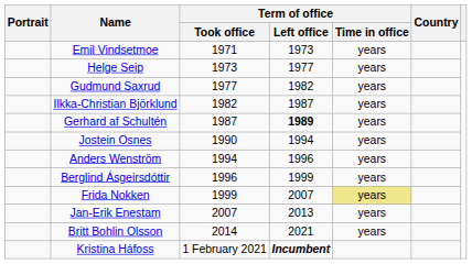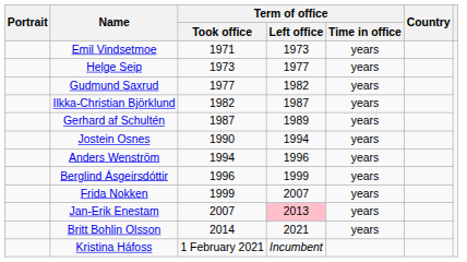 <table class="wikitable" style="text-align:center;">
 <tr>
 <th rowspan=2>Portrait</th>
 <th rowspan=2>Name<br></th>
 <th colspan=3>Term of office</th>
 <th rowspan=2>Country</th>
 <th rowspan=2></th>
 </tr>
 <tr>
 <th>Took office</th>
 <th>Left office</th>
 <th>Time in office</th>
 </tr>
 <tr>
 <td></td>
 <td><a href='#'>Emil Vindsetmoe</a></td>
 <td>1971</td>
 <td>1973</td>
 <td> years</td>
 <td></td>
 </tr>
 <tr>
 <td></td>
 <td><a href='#'>Helge Seip</a></td>
 <td>1973</td>
 <td>1977</td>
 <td> years</td>
 <td></td>
 </tr>
 <tr>
 <td></td>
 <td><a href='#'>Gudmund Saxrud</a></td>
 <td>1977</td>
 <td>1982</td>
 <td> years</td>
 <td></td>
 </tr>
 <tr>
 <td></td>
 <td><a href='#'>Ilkka-Christian Björklund</a></td>
 <td>1982</td>
 <td>1987</td>
 <td> years</td>
 <td></td>
 </tr>
 <tr>
 <td></td>
 <td><a href='#'>Gerhard af Schultén</a></td>
 <td>1987</td>
-<td><strong>1989</strong></td>
+<td>1989</td>
 <td> years</td>
 <td></td>
 </tr>
 <tr>
 <td></td>
 <td><a href='#'>Jostein Osnes</a></td>
 <td>1990</td>
 <td>1994</td>
 <td> years</td>
 <td></td>
 </tr>
 <tr>
 <td></td>
 <td><a href='#'>Anders Wenström</a></td>
 <td>1994</td>
 <td>1996</td>
 <td> years</td>
 <td></td>
 </tr>
 <tr>
 <td></td>
 <td><a href='#'>Berglind Ásgeirsdóttir</a></td>
 <td>1996</td>
 <td>1999</td>
 <td> years</td>
 <td></td>
 </tr>
 <tr>
 <td></td>
 <td><a href='#'>Frida Nokken</a></td>
 <td>1999</td>
 <td>2007</td>
-<td style="background: khaki;"> years</td>
+<td> years</td>
 <td></td>
 </tr>
 <tr>
 <td></td>
 <td><a href='#'>Jan-Erik Enestam</a></td>
 <td>2007</td>
-<td>2013</td>
+<td style="background: pink;">2013</td>
 <td> years</td>
 <td></td>
 </tr>
 <tr>
 <td></td>
 <td><a href='#'>Britt Bohlin Olsson</a></td>
 <td>2014</td>
 <td>2021</td>
 <td> years</td>
 <td></td>
 </tr>
 <tr>
 <td></td>
 <td><a href='#'>Kristina Háfoss</a></td>
 <td>1 February 2021</td>
-<td><strong><em>Incumbent</em></strong></td>
+<td><em>Incumbent</em></td>
 <td></td>
 <td></td>
 </tr>
 </table>
